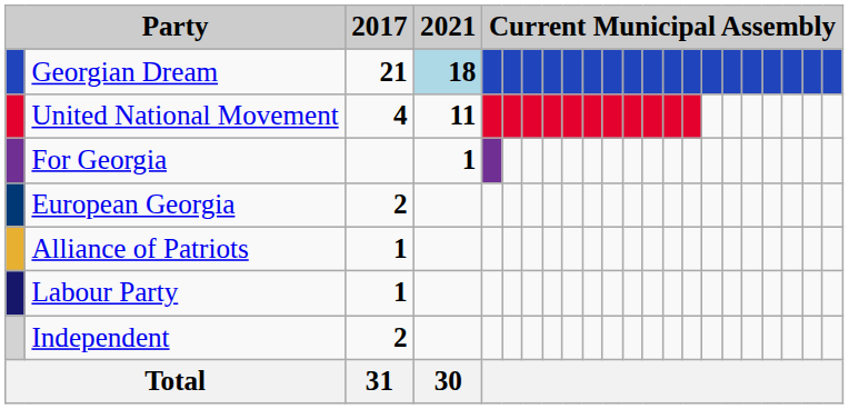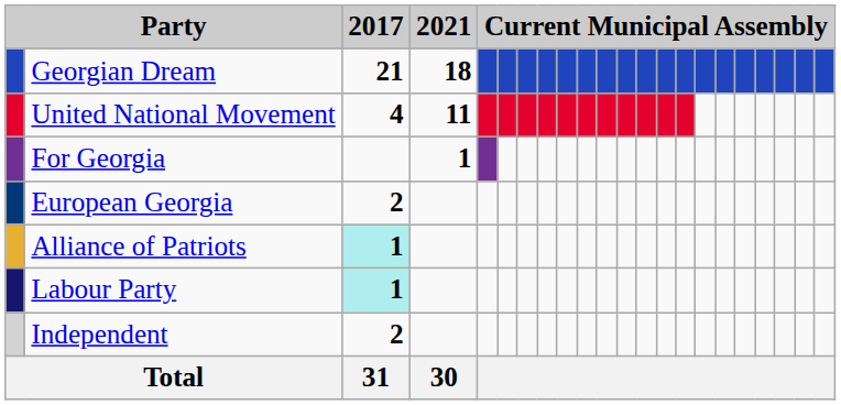 <table class="wikitable">
 <tr>
 <th colspan="2" style="background:#ccc">Party</th>
 <th style="background:#ccc">2017</th>
 <th style="background:#ccc">2021</th>
 <th colspan="33" style="background:#ccc">Current Municipal Assembly</th>
 </tr>
 <tr>
 <td style="background-color: #2044BC "> </td>
 <td><a href='#'>Georgian Dream</a></td>
 <td style="text-align: right"><strong>21</strong></td>
-<td style="background: lightblue; text-align: right"><strong>18</strong></td>
+<td style="text-align: right"><strong>18</strong></td>
 <td style="background-color: #2044BC "> </td>
 <td style="background-color: #2044BC "> </td>
 <td style="background-color: #2044BC "> </td>
 <td style="background-color: #2044BC "> </td>
 <td style="background-color: #2044BC "> </td>
 <td style="background-color: #2044BC "> </td>
 <td style="background-color: #2044BC "> </td>
 <td style="background-color: #2044BC "> </td>
 <td style="background-color: #2044BC "> </td>
 <td style="background-color: #2044BC "> </td>
 <td style="background-color: #2044BC "> </td>
 <td style="background-color: #2044BC "> </td>
 <td style="background-color: #2044BC "> </td>
 <td style="background-color: #2044BC "> </td>
 <td style="background-color: #2044BC "> </td>
 <td style="background-color: #2044BC "> </td>
 <td style="background-color: #2044BC "> </td>
 <td style="background-color: #2044BC "> </td>
 </tr>
 <tr>
 <td style="background-color: #e4012e "> </td>
 <td><a href='#'>United National Movement</a></td>
 <td style="text-align: right"><strong>4</strong></td>
 <td style="text-align: right"><strong>11</strong></td>
 <td style="background-color: #e4012e "> </td>
 <td style="background-color: #e4012e "> </td>
 <td style="background-color: #e4012e "> </td>
 <td style="background-color: #e4012e "> </td>
 <td style="background-color: #e4012e "> </td>
 <td style="background-color: #e4012e "> </td>
 <td style="background-color: #e4012e "> </td>
 <td style="background-color: #e4012e "> </td>
 <td style="background-color: #e4012e "> </td>
 <td style="background-color: #e4012e "> </td>
 <td style="background-color: #e4012e "> </td>
 <td></td>
 <td></td>
 <td></td>
 <td></td>
 <td></td>
 <td></td>
 <td></td>
 </tr>
 <tr>
 <td style="background-color: #702F92 "> </td>
 <td><a href='#'>For Georgia</a></td>
 <td></td>
 <td style="text-align: right"><strong>1</strong></td>
 <td style="background-color: #702F92 "> </td>
 <td></td>
 <td></td>
 <td></td>
 <td></td>
 <td></td>
 <td></td>
 <td></td>
 <td></td>
 <td></td>
 <td></td>
 <td></td>
 <td></td>
 <td></td>
 <td></td>
 <td></td>
 <td></td>
 <td></td>
 </tr>
 <tr>
 <td style="background-color: #003876 "> </td>
 <td><a href='#'>European Georgia</a></td>
 <td style="text-align: right"><strong>2</strong></td>
 <td></td>
 <td></td>
 <td></td>
 <td></td>
 <td></td>
 <td></td>
 <td></td>
 <td></td>
 <td></td>
 <td></td>
 <td></td>
 <td></td>
 <td></td>
 <td></td>
 <td></td>
 <td></td>
 <td></td>
 <td></td>
 <td></td>
 </tr>
 <tr>
 <td style="background-color: #e7b031 "> </td>
 <td><a href='#'>Alliance of Patriots</a></td>
-<td style="text-align: right"><strong>1</strong></td>
+<td style="background: paleturquoise; text-align: right"><strong>1</strong></td>
 <td></td>
 <td></td>
 <td></td>
 <td></td>
 <td></td>
 <td></td>
 <td></td>
 <td></td>
 <td></td>
 <td></td>
 <td></td>
 <td></td>
 <td></td>
 <td></td>
 <td></td>
 <td></td>
 <td></td>
 <td></td>
 <td></td>
 </tr>
 <tr>
 <td style="background-color: #16166b "> </td>
 <td><a href='#'>Labour Party</a></td>
-<td style="text-align: right"><strong>1</strong></td>
+<td style="background: paleturquoise; text-align: right"><strong>1</strong></td>
 <td></td>
 <td></td>
 <td></td>
 <td></td>
 <td></td>
 <td></td>
 <td></td>
 <td></td>
 <td></td>
 <td></td>
 <td></td>
 <td></td>
 <td></td>
 <td></td>
 <td></td>
 <td></td>
 <td></td>
 <td></td>
 <td></td>
 </tr>
 <tr>
 <td style="background-color: lightgray "> </td>
 <td><a href='#'>Independent</a></td>
 <td style="text-align: right"><strong>2</strong></td>
 <td></td>
 <td></td>
 <td></td>
 <td></td>
 <td></td>
 <td></td>
 <td></td>
 <td></td>
 <td></td>
 <td></td>
 <td></td>
 <td></td>
 <td></td>
 <td></td>
 <td></td>
 <td></td>
 <td></td>
 <td></td>
 <td></td>
 </tr>
 <tr>
 <th colspan="2">Total</th>
 <th align="right">31</th>
 <th align="right">30</th>
 <th colspan="33"> </th>
 </tr>
 </table>
